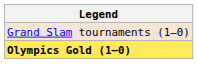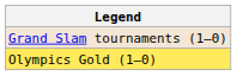 <table class=wikitable style=font-size:97%>
 <tr>
 <th>Legend</th>
 </tr>
 <tr bgcolor=f3e6d7>
 <td><a href='#'>Grand Slam</a> tournaments (1–0)</td>
 </tr>
 <tr bgcolor=#ffea5c>
-<td><strong>Olympics Gold (1–0)</strong></td>
+<td>Olympics Gold (1–0)</td>
 </tr>
 </table>
